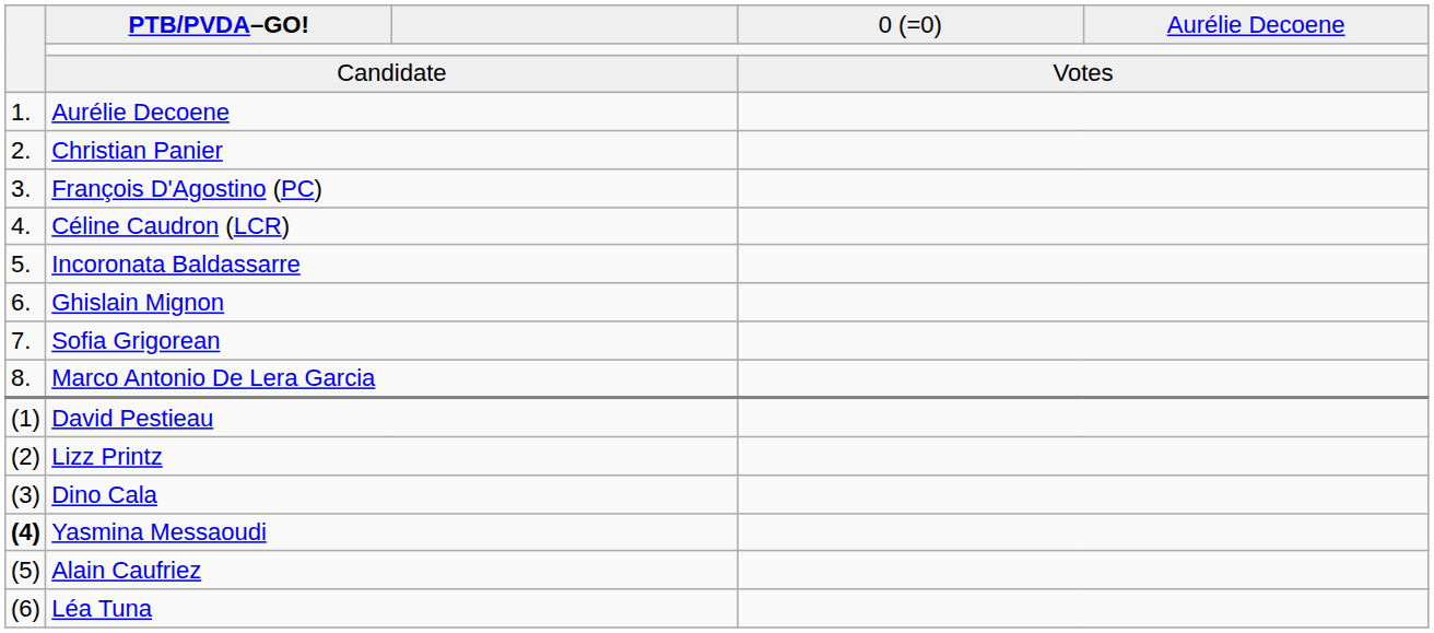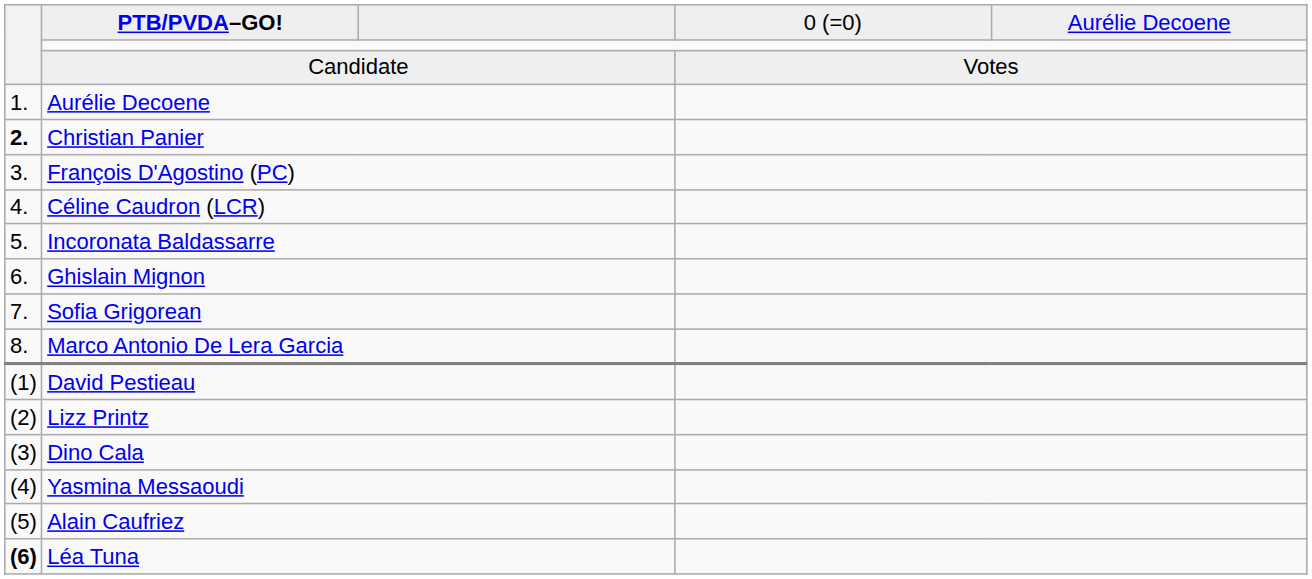 <table class="wikitable collapsible collapsed" style=text-align:left;font-size:90%>
 <tr>
 <th rowspan=3></th>
 <td bgcolor=efefef width=200 align=center><strong> <a href='#'>PTB/PVDA</a>–GO!</strong></td>
 <td bgcolor=efefef width=200 align=center></td>
 <td bgcolor=efefef width=200 align=center>0 (=0)</td>
 <td bgcolor=efefef width=200 align=center><a href='#'>Aurélie Decoene</a></td>
 </tr>
 <tr>
 <td colspan=4 bgcolor=></td>
 </tr>
 <tr>
 <td bgcolor=efefef align=center colspan=2>Candidate</td>
 <td bgcolor=efefef align=center colspan=2>Votes</td>
 </tr>
 <tr>
 <td>1.</td>
 <td colspan=2><a href='#'>Aurélie Decoene</a></td>
 <td colspan=2></td>
 </tr>
 <tr>
-<td>2.</td>
+<td><strong>2.</strong></td>
 <td colspan=2><a href='#'>Christian Panier</a></td>
 <td colspan=2></td>
 </tr>
 <tr>
 <td>3.</td>
 <td colspan=2><a href='#'>François D'Agostino</a> (<a href='#'>PC</a>)</td>
 <td colspan=2></td>
 </tr>
 <tr>
 <td>4.</td>
 <td colspan=2><a href='#'>Céline Caudron</a> (<a href='#'>LCR</a>)</td>
 <td colspan=2></td>
 </tr>
 <tr>
 <td>5.</td>
 <td colspan=2><a href='#'>Incoronata Baldassarre</a></td>
 <td colspan=2></td>
 </tr>
 <tr>
 <td>6.</td>
 <td colspan=2><a href='#'>Ghislain Mignon</a></td>
 <td colspan=2></td>
 </tr>
 <tr>
 <td>7.</td>
 <td colspan=2><a href='#'>Sofia Grigorean</a></td>
 <td colspan=2></td>
 </tr>
 <tr>
 <td>8.</td>
 <td colspan=2><a href='#'>Marco Antonio De Lera Garcia</a></td>
 <td colspan=2></td>
 </tr>
 <tr style="border-top:2px solid gray;">
 <td>(1)</td>
 <td colspan=2><a href='#'>David Pestieau</a></td>
 <td colspan=2></td>
 </tr>
 <tr>
 <td>(2)</td>
 <td colspan=2><a href='#'>Lizz Printz</a></td>
 <td colspan=2></td>
 </tr>
 <tr>
 <td>(3)</td>
 <td colspan=2><a href='#'>Dino Cala</a></td>
 <td colspan=2></td>
 </tr>
 <tr>
-<td><strong>(4)</strong></td>
+<td>(4)</td>
 <td colspan=2><a href='#'>Yasmina Messaoudi</a></td>
 <td colspan=2></td>
 </tr>
 <tr>
 <td>(5)</td>
 <td colspan=2><a href='#'>Alain Caufriez</a></td>
 <td colspan=2></td>
 </tr>
 <tr>
-<td>(6)</td>
+<td><strong>(6)</strong></td>
 <td colspan=2><a href='#'>Léa Tuna</a></td>
 <td colspan=2></td>
 </tr>
 </table>
